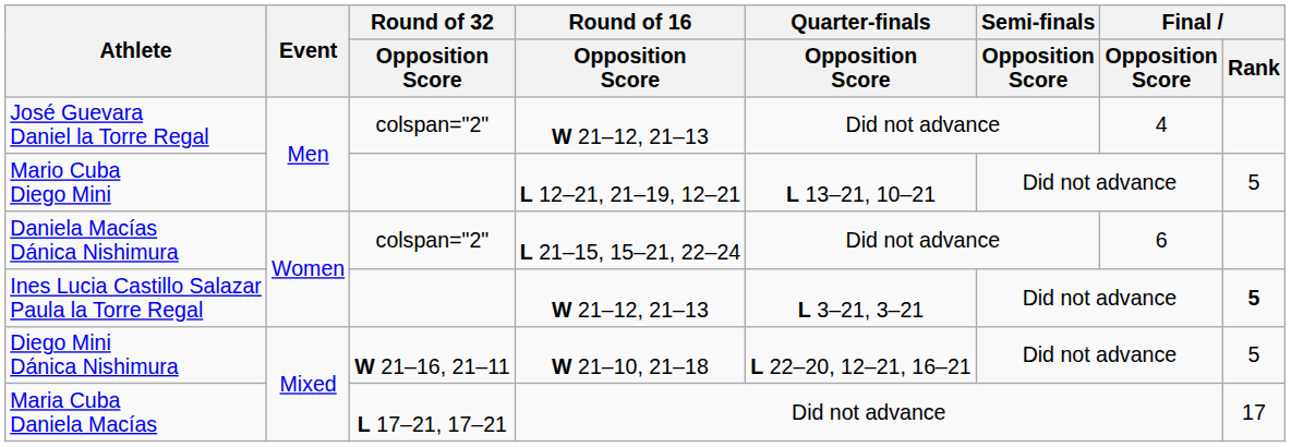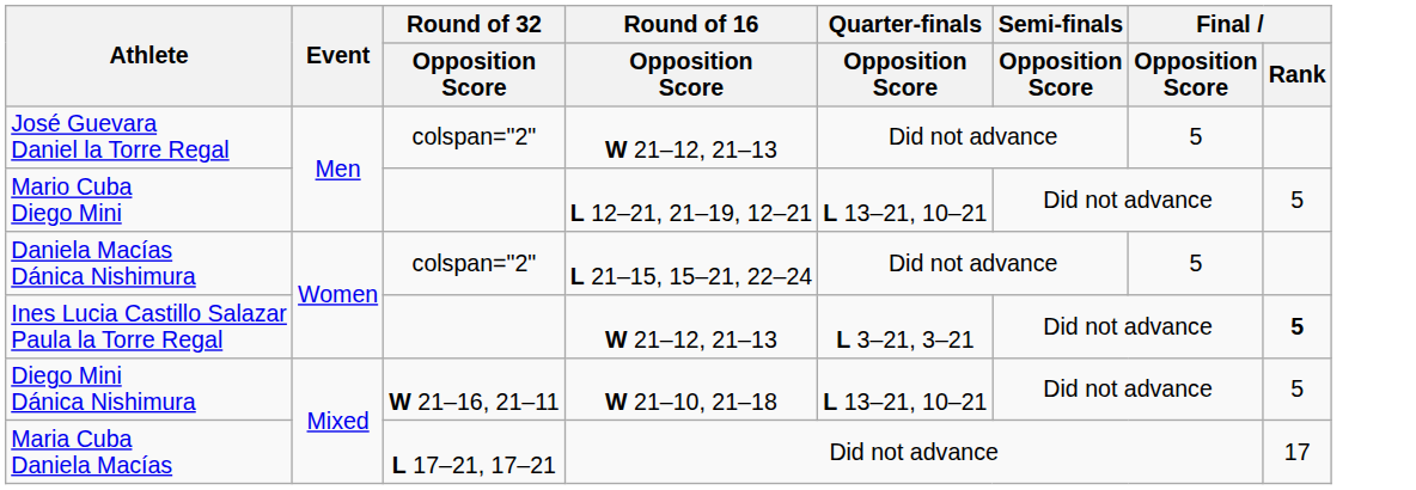 <table class="wikitable" style="font-size:90%; text-align:center">
 <tr>
 <th rowspan="2">Athlete</th>
 <th rowspan="2">Event</th>
 <th>Round of 32</th>
 <th>Round of 16</th>
 <th>Quarter-finals</th>
 <th>Semi-finals</th>
 <th colspan="2">Final / </th>
 </tr>
 <tr>
 <th>Opposition<br>Score</th>
 <th>Opposition<br>Score</th>
 <th>Opposition<br>Score</th>
 <th>Opposition<br>Score</th>
 <th>Opposition<br>Score</th>
 <th>Rank</th>
 </tr>
 <tr>
 <td align="left"><a href='#'>José Guevara</a><br><a href='#'>Daniel la Torre Regal</a></td>
 <td align="center" rowspan="2"><a href='#'>Men</a></td>
 <td>colspan="2" </td>
 <td><br><strong>W</strong> 21–12, 21–13</td>
 <td colspan="2">Did not advance</td>
-<td>4</td>
+<td>5</td>
 </tr>
 <tr>
 <td align="left"><a href='#'>Mario Cuba</a><br><a href='#'>Diego Mini</a></td>
 <td></td>
 <td><br><strong>L</strong> 12–21, 21–19, 12–21</td>
 <td><br><strong>L</strong> 13–21, 10–21</td>
 <td colspan="2">Did not advance</td>
 <td>5</td>
 </tr>
 <tr>
 <td align="left"><a href='#'>Daniela Macías</a><br><a href='#'>Dánica Nishimura</a></td>
 <td align="center" rowspan="2"><a href='#'>Women</a></td>
 <td>colspan="2" </td>
 <td><br><strong>L</strong> 21–15, 15–21, 22–24</td>
 <td colspan="2">Did not advance</td>
-<td>6</td>
+<td>5</td>
 </tr>
 <tr>
 <td align="left"><a href='#'>Ines Lucia Castillo Salazar</a><br><a href='#'>Paula la Torre Regal</a></td>
 <td></td>
 <td><br><strong>W</strong> 21–12, 21–13</td>
 <td><br><strong>L</strong> 3–21, 3–21</td>
 <td colspan="2">Did not advance</td>
 <td><strong>5</strong></td>
 </tr>
 <tr>
 <td align="left"><a href='#'>Diego Mini</a><br><a href='#'>Dánica Nishimura</a></td>
 <td align="center" rowspan="2"><a href='#'>Mixed</a></td>
 <td><br><strong>W</strong> 21–16, 21–11</td>
 <td><br><strong>W</strong> 21–10, 21–18</td>
-<td><br><strong>L</strong> 22–20, 12–21, 16–21</td>
+<td><br><strong>L</strong> 13–21, 10–21</td>
 <td colspan="2">Did not advance</td>
 <td>5</td>
 </tr>
 <tr>
 <td align="left"><a href='#'>Maria Cuba</a><br><a href='#'>Daniela Macías</a></td>
 <td><br><strong>L</strong> 17–21, 17–21</td>
 <td colspan="4">Did not advance</td>
 <td>17</td>
 </tr>
 </table>
